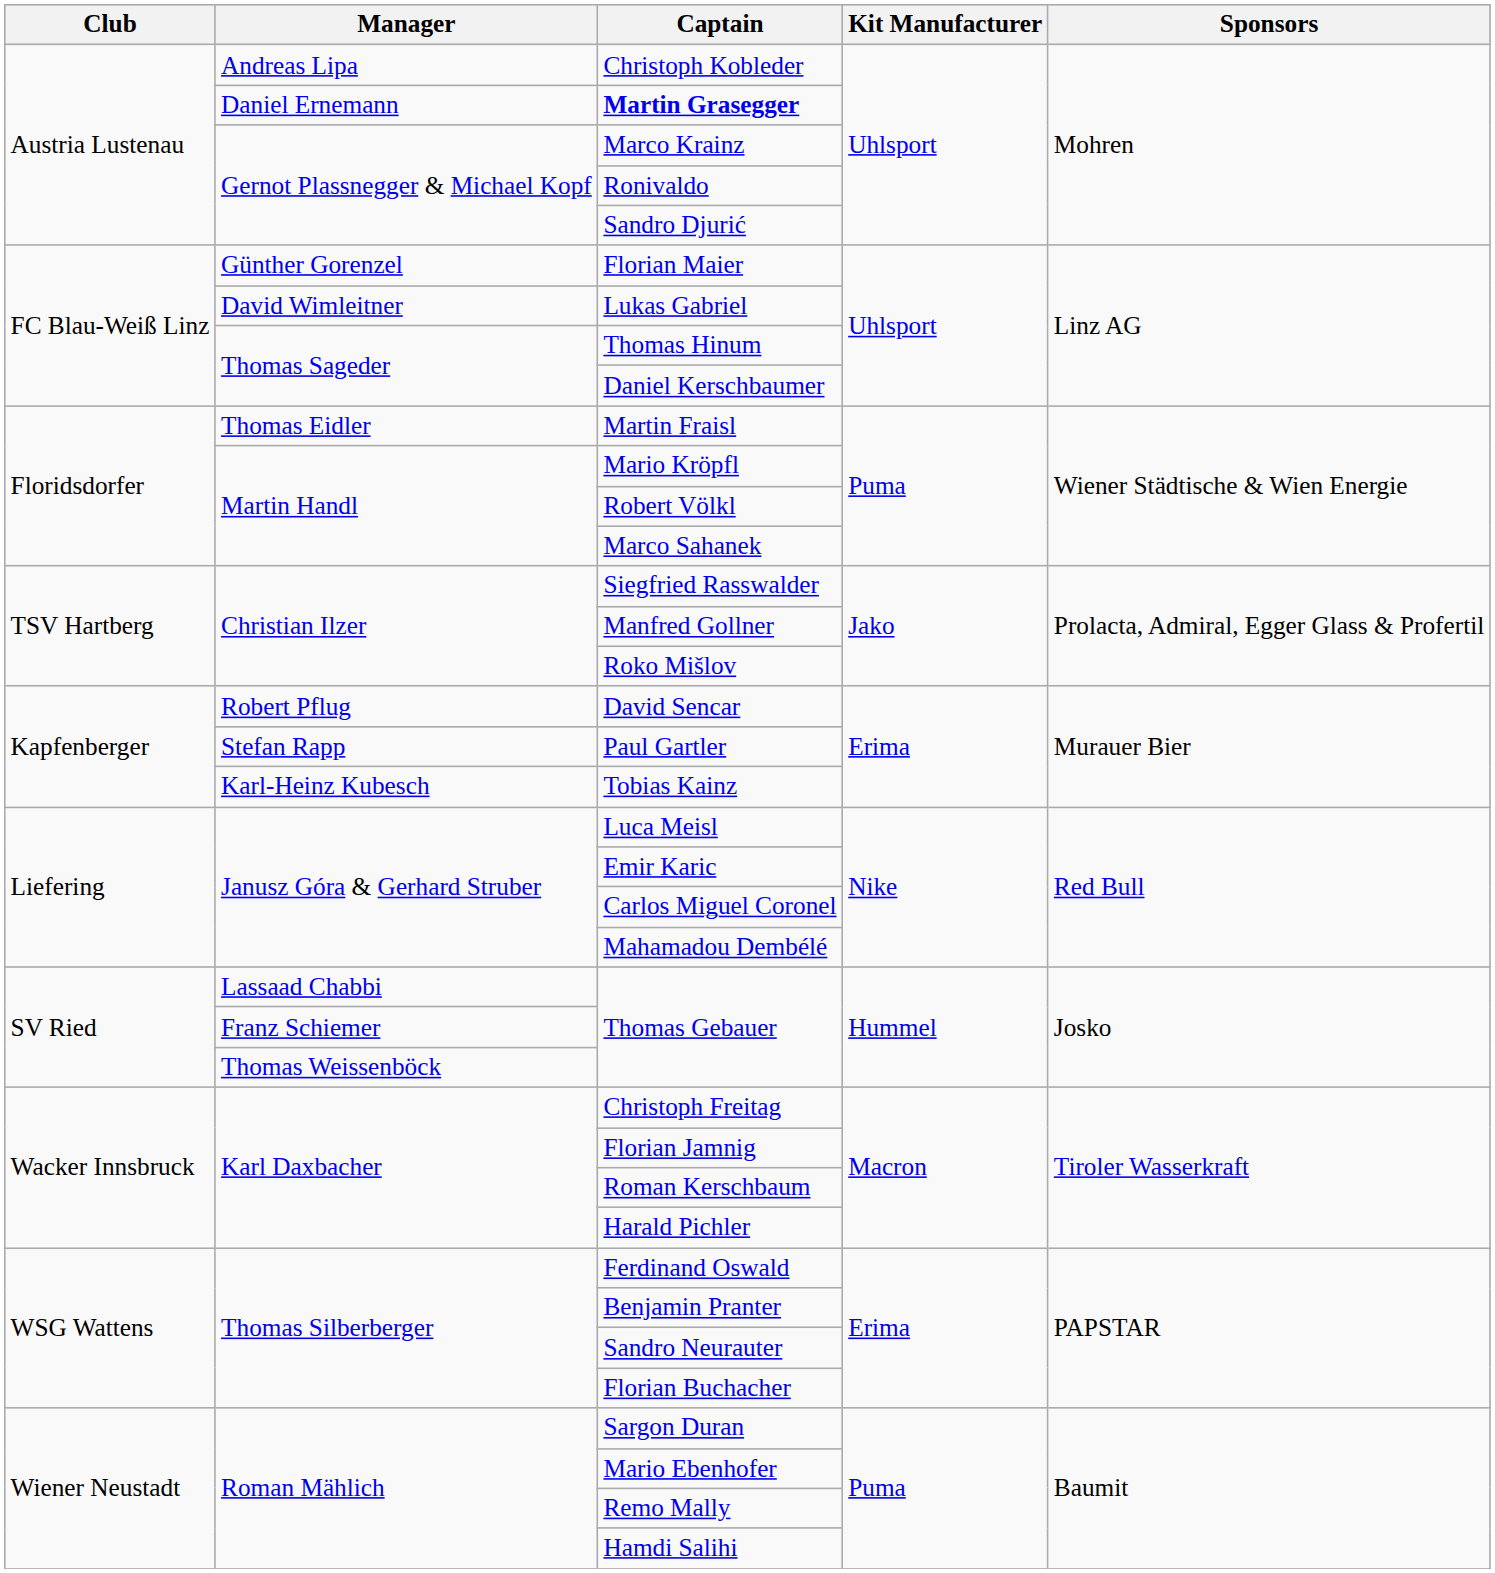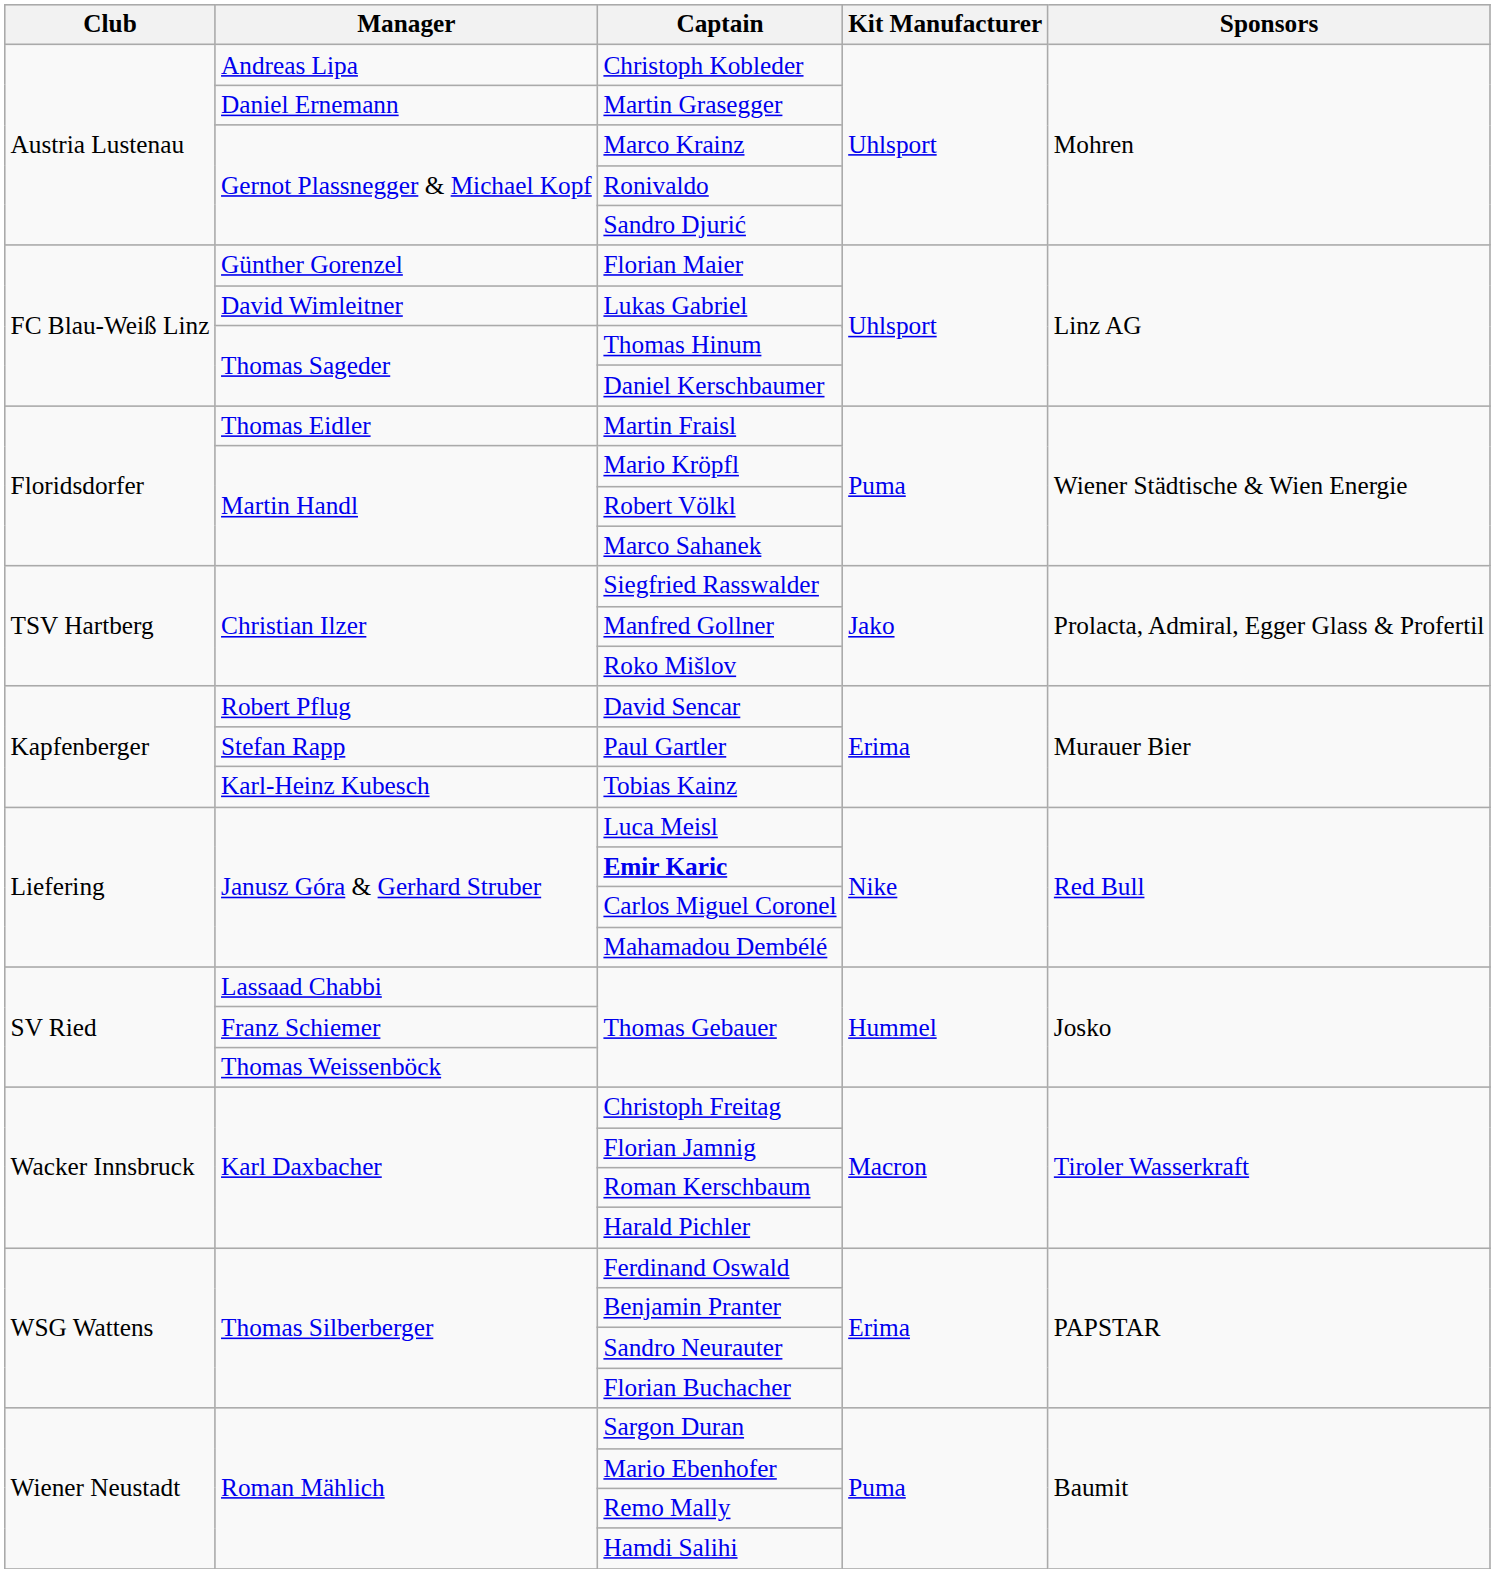 <table class="wikitable sortable" style="text-align: left style="font-size: 85%">
 <tr>
 <th>Club</th>
 <th>Manager</th>
 <th>Captain</th>
 <th>Kit Manufacturer</th>
 <th>Sponsors</th>
 </tr>
 <tr>
 <td rowspan=5>Austria Lustenau</td>
 <td> <a href='#'>Andreas Lipa</a> </td>
 <td> <a href='#'>Christoph Kobleder</a> </td>
 <td rowspan=5><a href='#'>Uhlsport</a></td>
 <td rowspan=5>Mohren</td>
 </tr>
 <tr>
 <td> <a href='#'>Daniel Ernemann</a> </td>
-<td><strong> <a href='#'>Martin Grasegger</a> </strong></td>
+<td> <a href='#'>Martin Grasegger</a> </td>
 </tr>
 <tr>
 <td rowspan=3> <a href='#'>Gernot Plassnegger</a>  &  <a href='#'>Michael Kopf</a> </td>
 <td> <a href='#'>Marco Krainz</a> </td>
 </tr>
 <tr>
 <td> <a href='#'>Ronivaldo</a> </td>
 </tr>
 <tr>
 <td> <a href='#'>Sandro Djurić</a> </td>
 </tr>
 <tr>
 <td rowspan=5>FC Blau-Weiß Linz</td>
 <td> <a href='#'>Günther Gorenzel</a> </td>
 <td> <a href='#'>Florian Maier</a> </td>
 <td rowspan=5><a href='#'>Uhlsport</a></td>
 <td rowspan=5>Linz AG</td>
 </tr>
 <tr>
 <td> <a href='#'>David Wimleitner</a> </td>
 <td rowspan=2> <a href='#'>Lukas Gabriel</a> </td>
 </tr>
 <tr>
 <td rowspan=3> <a href='#'>Thomas Sageder</a> </td>
 </tr>
 <tr>
 <td> <a href='#'>Thomas Hinum</a> </td>
 </tr>
 <tr>
 <td> <a href='#'>Daniel Kerschbaumer</a> </td>
 </tr>
 <tr>
 <td rowspan=4>Floridsdorfer</td>
 <td> <a href='#'>Thomas Eidler</a> </td>
 <td> <a href='#'>Martin Fraisl</a> </td>
 <td rowspan=4><a href='#'>Puma</a></td>
 <td rowspan=4>Wiener Städtische & Wien Energie</td>
 </tr>
 <tr>
 <td rowspan=3> <a href='#'>Martin Handl</a> </td>
 <td> <a href='#'>Mario Kröpfl</a> </td>
 </tr>
 <tr>
 <td> <a href='#'>Robert Völkl</a> </td>
 </tr>
 <tr>
 <td> <a href='#'>Marco Sahanek</a> </td>
 </tr>
 <tr>
 <td rowspan=3>TSV Hartberg</td>
 <td rowspan=3> <a href='#'>Christian Ilzer</a></td>
 <td> <a href='#'>Siegfried Rasswalder</a> </td>
 <td rowspan=3><a href='#'>Jako</a></td>
 <td rowspan=3>Prolacta, Admiral, Egger Glass & Profertil</td>
 </tr>
 <tr>
 <td> <a href='#'>Manfred Gollner</a> </td>
 </tr>
 <tr>
 <td> <a href='#'>Roko Mišlov</a> </td>
 </tr>
 <tr>
 <td rowspan=3>Kapfenberger</td>
 <td> <a href='#'>Robert Pflug</a> </td>
 <td> <a href='#'>David Sencar</a> </td>
 <td rowspan=3><a href='#'>Erima</a></td>
 <td rowspan=3>Murauer Bier</td>
 </tr>
 <tr>
 <td> <a href='#'>Stefan Rapp</a> </td>
 <td> <a href='#'>Paul Gartler</a> </td>
 </tr>
 <tr>
 <td> <a href='#'>Karl-Heinz Kubesch</a> </td>
 <td> <a href='#'>Tobias Kainz</a> </td>
 </tr>
 <tr>
 <td rowspan=4>Liefering</td>
 <td rowspan=4> <a href='#'>Janusz Góra</a> &  <a href='#'>Gerhard Struber</a></td>
 <td> <a href='#'>Luca Meisl</a> </td>
 <td rowspan=4><a href='#'>Nike</a></td>
 <td rowspan=4><a href='#'>Red Bull</a></td>
 </tr>
 <tr>
-<td> <a href='#'>Emir Karic</a> </td>
+<td><strong> <a href='#'>Emir Karic</a> </strong></td>
 </tr>
 <tr>
 <td> <a href='#'>Carlos Miguel Coronel</a> </td>
 </tr>
 <tr>
 <td> <a href='#'>Mahamadou Dembélé</a> </td>
 </tr>
 <tr>
 <td rowspan=3>SV Ried</td>
 <td> <a href='#'>Lassaad Chabbi</a> </td>
 <td rowspan=3> <a href='#'>Thomas Gebauer</a></td>
 <td rowspan=3><a href='#'>Hummel</a></td>
 <td rowspan=3>Josko</td>
 </tr>
 <tr>
 <td> <a href='#'>Franz Schiemer</a> </td>
 </tr>
 <tr>
 <td> <a href='#'>Thomas Weissenböck</a> </td>
 </tr>
 <tr>
 <td rowspan=4>Wacker Innsbruck</td>
 <td rowspan=4> <a href='#'>Karl Daxbacher</a></td>
 <td> <a href='#'>Christoph Freitag</a> </td>
 <td rowspan=4><a href='#'>Macron</a></td>
 <td rowspan=4><a href='#'>Tiroler Wasserkraft</a></td>
 </tr>
 <tr>
 <td> <a href='#'>Florian Jamnig</a> </td>
 </tr>
 <tr>
 <td> <a href='#'>Roman Kerschbaum</a> </td>
 </tr>
 <tr>
 <td> <a href='#'>Harald Pichler</a> </td>
 </tr>
 <tr>
 <td rowspan=4>WSG Wattens</td>
 <td rowspan=4> <a href='#'>Thomas Silberberger</a></td>
 <td> <a href='#'>Ferdinand Oswald</a> </td>
 <td rowspan=4><a href='#'>Erima</a></td>
 <td rowspan=4>PAPSTAR</td>
 </tr>
 <tr>
 <td> <a href='#'>Benjamin Pranter</a> </td>
 </tr>
 <tr>
 <td> <a href='#'>Sandro Neurauter</a> </td>
 </tr>
 <tr>
 <td> <a href='#'>Florian Buchacher</a> </td>
 </tr>
 <tr>
 <td rowspan=4>Wiener Neustadt</td>
 <td rowspan=4> <a href='#'>Roman Mählich</a></td>
 <td> <a href='#'>Sargon Duran</a> </td>
 <td rowspan=4><a href='#'>Puma</a></td>
 <td rowspan=4>Baumit</td>
 </tr>
 <tr>
 <td> <a href='#'>Mario Ebenhofer</a> </td>
 </tr>
 <tr>
 <td> <a href='#'>Remo Mally</a> </td>
 </tr>
 <tr>
 <td> <a href='#'>Hamdi Salihi</a> </td>
 </tr>
 </table>
